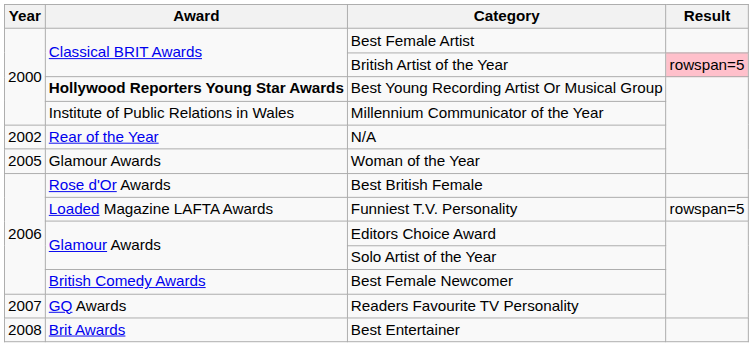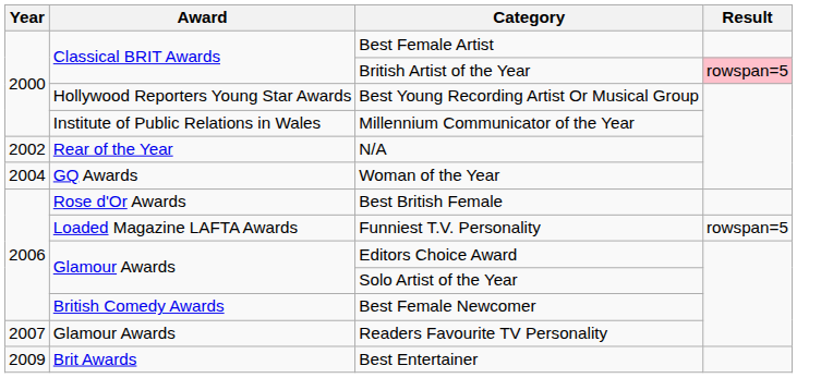 <table class="wikitable">
 <tr>
 <th>Year</th>
 <th>Award</th>
 <th>Category</th>
 <th>Result</th>
 </tr>
 <tr>
 <td rowspan=4>2000</td>
 <td rowspan=2><a href='#'>Classical BRIT Awards</a></td>
 <td>Best Female Artist</td>
 <td></td>
 </tr>
 <tr>
 <td>British Artist of the Year</td>
 <td style="background: pink;">rowspan=5 </td>
 </tr>
 <tr>
-<td><strong>Hollywood Reporters Young Star Awards</strong></td>
+<td>Hollywood Reporters Young Star Awards</td>
 <td>Best Young Recording Artist Or Musical Group</td>
 </tr>
 <tr>
 <td>Institute of Public Relations in Wales</td>
 <td>Millennium Communicator of the Year</td>
 </tr>
 <tr>
 <td>2002</td>
 <td><a href='#'>Rear of the Year</a></td>
 <td>N/A</td>
 </tr>
 <tr>
-<td>2005</td>
-<td>Glamour Awards</td>
+<td>2004</td>
+<td><a href='#'>GQ</a> Awards</td>
 <td>Woman of the Year</td>
 </tr>
 <tr>
 <td rowspan=5>2006</td>
 <td><a href='#'>Rose d'Or</a> Awards</td>
 <td>Best British Female</td>
 <td></td>
 </tr>
 <tr>
 <td><a href='#'>Loaded</a> Magazine LAFTA Awards</td>
 <td>Funniest T.V. Personality</td>
 <td>rowspan=5 </td>
 </tr>
 <tr>
 <td rowspan=2><a href='#'>Glamour</a> Awards</td>
 <td>Editors Choice Award</td>
 </tr>
 <tr>
 <td>Solo Artist of the Year</td>
 </tr>
 <tr>
 <td><a href='#'>British Comedy Awards</a></td>
 <td>Best Female Newcomer</td>
 </tr>
 <tr>
 <td>2007</td>
-<td><a href='#'>GQ</a> Awards</td>
+<td>Glamour Awards</td>
 <td>Readers Favourite TV Personality</td>
 </tr>
 <tr>
-<td>2008</td>
+<td>2009</td>
 <td><a href='#'>Brit Awards</a></td>
 <td>Best Entertainer</td>
 <td></td>
 </tr>
 </table>
